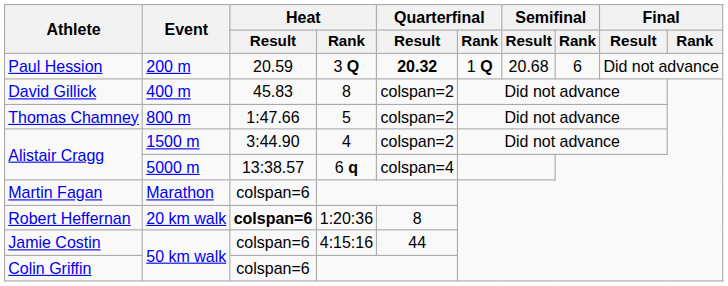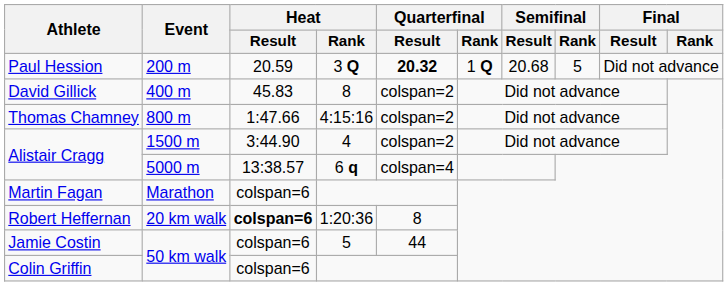 <table class=wikitable style="font-size:90%">
 <tr>
 <th rowspan="2">Athlete</th>
 <th rowspan="2">Event</th>
 <th colspan="2">Heat</th>
 <th colspan="2">Quarterfinal</th>
 <th colspan="2">Semifinal</th>
 <th colspan="2">Final</th>
 </tr>
 <tr style="font-size:95%">
 <th>Result</th>
 <th>Rank</th>
 <th>Result</th>
 <th>Rank</th>
 <th>Result</th>
 <th>Rank</th>
 <th>Result</th>
 <th>Rank</th>
 </tr>
 <tr align=center>
 <td align=left><a href='#'>Paul Hession</a></td>
 <td align=left><a href='#'>200 m</a></td>
 <td>20.59</td>
 <td>3 <strong>Q</strong></td>
 <td><strong>20.32</strong></td>
 <td>1 <strong>Q</strong></td>
 <td>20.68</td>
-<td>6</td>
+<td>5</td>
 <td colspan=2>Did not advance</td>
 </tr>
 <tr align=center>
 <td align=left><a href='#'>David Gillick</a></td>
 <td align=left><a href='#'>400 m</a></td>
 <td>45.83</td>
 <td>8</td>
 <td>colspan=2 </td>
 <td colspan=4>Did not advance</td>
 </tr>
 <tr align=center>
 <td align=left><a href='#'>Thomas Chamney</a></td>
 <td align=left><a href='#'>800 m</a></td>
 <td>1:47.66</td>
-<td>5</td>
+<td>4:15:16</td>
 <td>colspan=2 </td>
 <td colspan=4>Did not advance</td>
 </tr>
 <tr align=center>
 <td align=left rowspan=2><a href='#'>Alistair Cragg</a></td>
 <td align=left><a href='#'>1500 m</a></td>
 <td>3:44.90</td>
 <td>4</td>
 <td>colspan=2 </td>
 <td colspan=4>Did not advance</td>
 </tr>
 <tr align=center>
 <td align=left><a href='#'>5000 m</a></td>
 <td>13:38.57</td>
 <td>6 <strong>q</strong></td>
 <td>colspan=4 </td>
 <td colspan=2></td>
 </tr>
 <tr align=center>
 <td align=left><a href='#'>Martin Fagan</a></td>
 <td align=left><a href='#'>Marathon</a></td>
 <td>colspan=6 </td>
 <td colspan=2></td>
 </tr>
 <tr align=center>
 <td align=left><a href='#'>Robert Heffernan</a></td>
 <td align=left><a href='#'>20 km walk</a></td>
 <td><strong>colspan=6 </strong></td>
 <td>1:20:36</td>
 <td>8</td>
 </tr>
 <tr align=center>
 <td align=left><a href='#'>Jamie Costin</a></td>
 <td align=left rowspan=2><a href='#'>50 km walk</a></td>
 <td>colspan=6 </td>
-<td>4:15:16</td>
+<td>5</td>
 <td>44</td>
 </tr>
 <tr align=center>
 <td align=left><a href='#'>Colin Griffin</a></td>
 <td>colspan=6 </td>
 <td colspan=2></td>
 </tr>
 </table>
